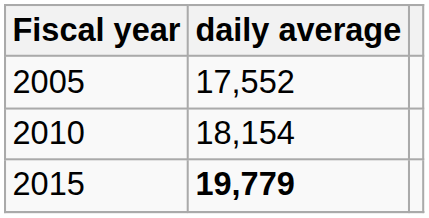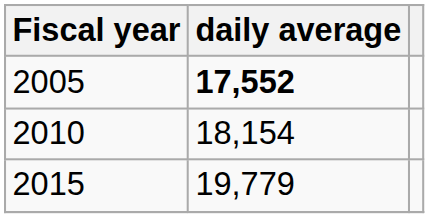 <table class="wikitable">
 <tr>
 <th>Fiscal year</th>
 <th>daily average</th>
 <th></th>
 </tr>
 <tr>
 <td>2005</td>
-<td>17,552</td>
+<td><strong>17,552</strong></td>
 <td></td>
 </tr>
 <tr>
 <td>2010</td>
 <td>18,154</td>
 <td></td>
 </tr>
 <tr>
 <td>2015</td>
-<td><strong>19,779</strong></td>
+<td>19,779</td>
 <td></td>
 </tr>
 <tr>
 </tr>
 </table>
